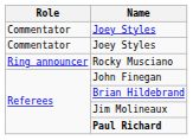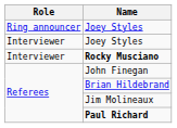 <table class=wikitable style="font-size:90%; margin: 0.5em 0 0.5em 1em; float: right; clear: right;">
 <tr>
 <th>Role</th>
 <th>Name</th>
 </tr>
 <tr>
-<td rowspan=1>Commentator</td>
+<td rowspan=1><a href='#'>Ring announcer</a></td>
 <td><a href='#'>Joey Styles</a></td>
 </tr>
 <tr>
-<td rowspan=1>Commentator</td>
+<td>Interviewer</td>
 <td>Joey Styles</td>
 </tr>
 <tr>
-<td rowspan=1><a href='#'>Ring announcer</a></td>
-<td>Rocky Musciano</td>
+<td>Interviewer</td>
+<td><strong>Rocky Musciano</strong></td>
 </tr>
 <tr>
 <td rowspan=4><a href='#'>Referees</a></td>
 <td>John Finegan</td>
 </tr>
 <tr>
 <td><a href='#'>Brian Hildebrand</a></td>
 </tr>
 <tr>
 <td>Jim Molineaux</td>
 </tr>
 <tr>
 <td><strong>Paul Richard</strong></td>
 </tr>
 </table>
